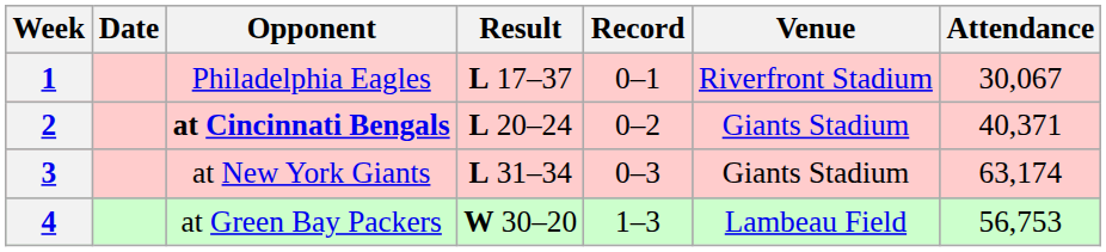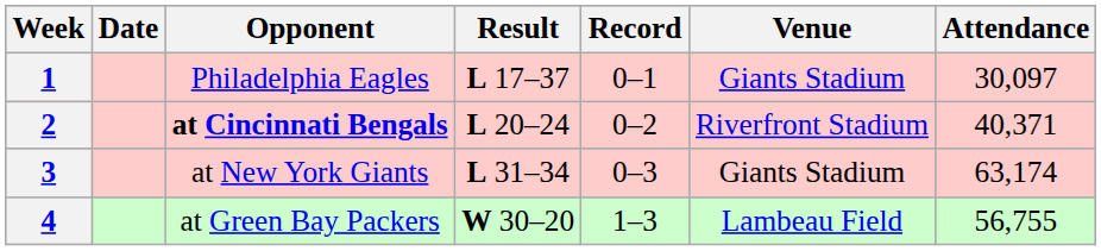 <table class="wikitable" style="text-align:center">
 <tr>
 <th>Week</th>
 <th>Date</th>
 <th>Opponent</th>
 <th>Result</th>
 <th>Record</th>
 <th>Venue</th>
 <th>Attendance</th>
 </tr>
 <tr style="background:#fcc">
 <th><a href='#'>1</a></th>
 <td></td>
 <td><a href='#'>Philadelphia Eagles</a></td>
 <td><strong>L</strong> 17–37</td>
 <td>0–1</td>
-<td><a href='#'>Riverfront Stadium</a></td>
-<td>30,067</td>
+<td><a href='#'>Giants Stadium</a></td>
+<td>30,097</td>
 </tr>
 <tr style="background:#fcc">
 <th><a href='#'>2</a></th>
 <td></td>
 <td><strong>at <a href='#'>Cincinnati Bengals</a></strong></td>
 <td><strong>L</strong> 20–24</td>
 <td>0–2</td>
-<td><a href='#'>Giants Stadium</a></td>
+<td><a href='#'>Riverfront Stadium</a></td>
 <td>40,371</td>
 </tr>
 <tr style="background:#fcc">
 <th><a href='#'>3</a></th>
 <td></td>
 <td>at <a href='#'>New York Giants</a></td>
 <td><strong>L</strong> 31–34 </td>
 <td>0–3</td>
 <td>Giants Stadium</td>
 <td>63,174</td>
 </tr>
 <tr style="background:#cfc">
 <th><a href='#'>4</a></th>
 <td></td>
 <td>at <a href='#'>Green Bay Packers</a></td>
 <td><strong>W</strong> 30–20</td>
 <td>1–3</td>
 <td><a href='#'>Lambeau Field</a></td>
-<td>56,753</td>
+<td>56,755</td>
 </tr>
 </table>
